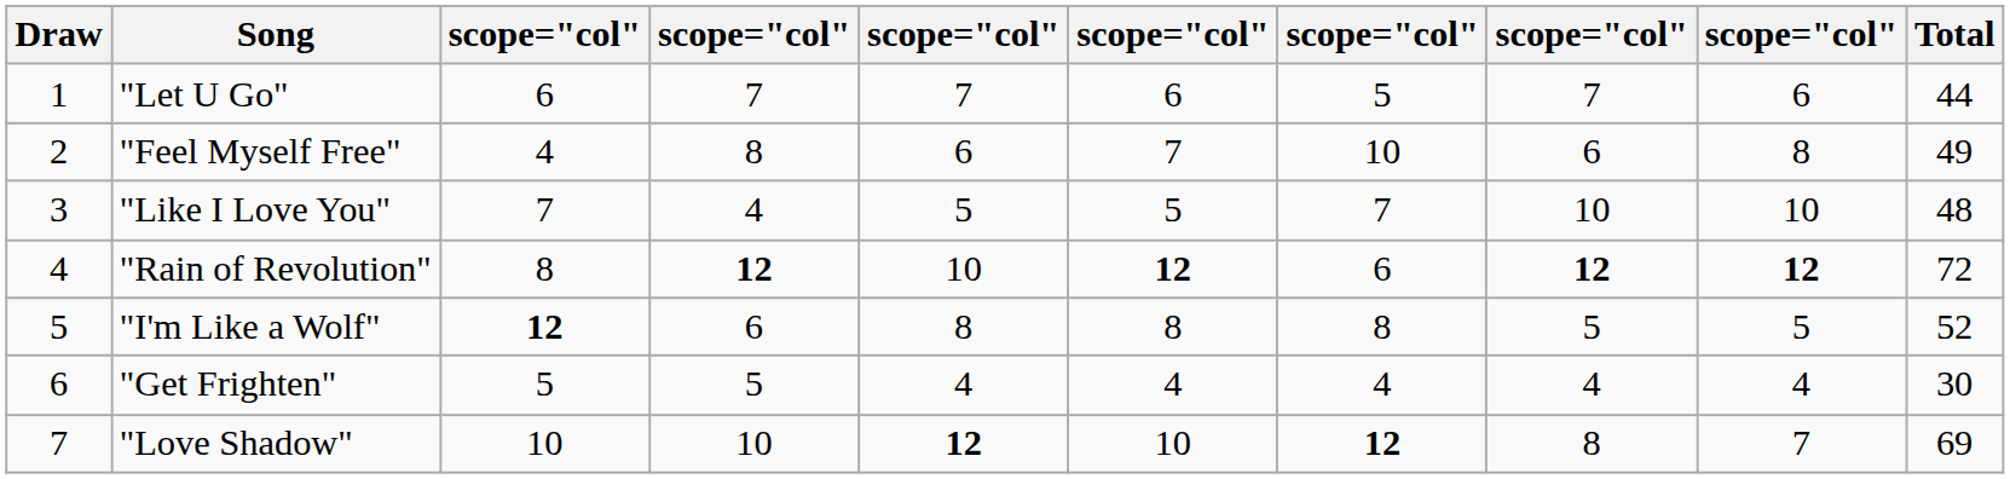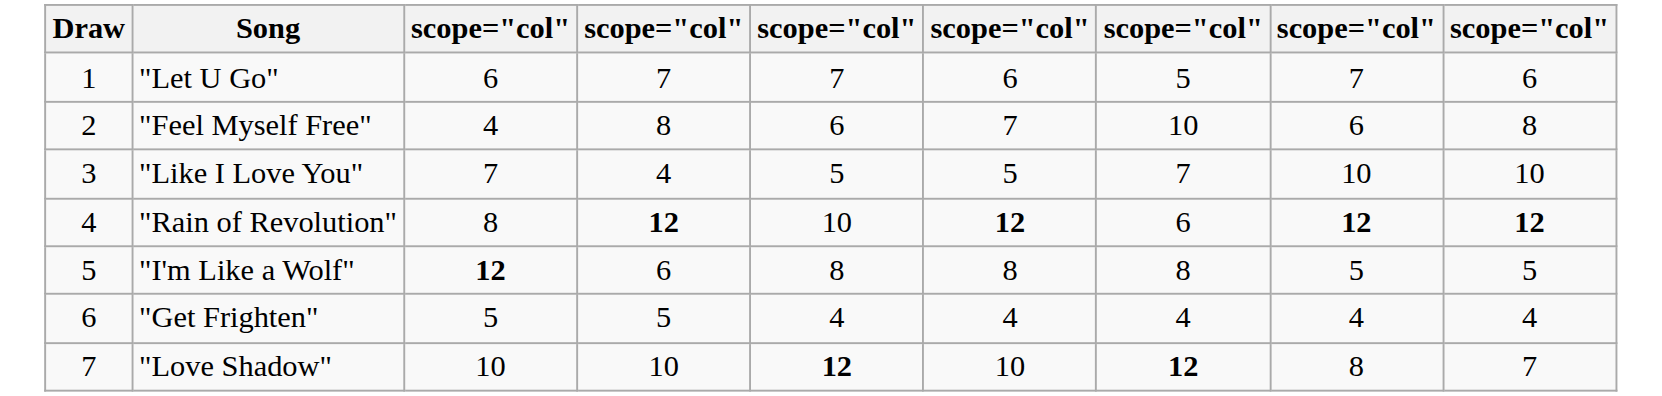 <table class="wikitable collapsible" style="margin: 1em auto 1em auto; text-align:center">
 <tr>
 <th>Draw</th>
 <th>Song</th>
 <th>scope="col" </th>
 <th>scope="col" </th>
 <th>scope="col" </th>
 <th>scope="col" </th>
 <th>scope="col" </th>
 <th>scope="col" </th>
 <th>scope="col" </th>
-<th>Total</th>
 </tr>
 <tr>
 <td>1</td>
 <td align="left">"Let U Go"</td>
 <td>6</td>
 <td>7</td>
 <td>7</td>
 <td>6</td>
 <td>5</td>
 <td>7</td>
 <td>6</td>
-<td>44</td>
 </tr>
 <tr>
 <td>2</td>
 <td align="left">"Feel Myself Free"</td>
 <td>4</td>
 <td>8</td>
 <td>6</td>
 <td>7</td>
 <td>10</td>
 <td>6</td>
 <td>8</td>
-<td>49</td>
 </tr>
 <tr>
 <td>3</td>
 <td align="left">"Like I Love You"</td>
 <td>7</td>
 <td>4</td>
 <td>5</td>
 <td>5</td>
 <td>7</td>
 <td>10</td>
 <td>10</td>
-<td>48</td>
 </tr>
 <tr>
 <td>4</td>
 <td align="left">"Rain of Revolution"</td>
 <td>8</td>
 <td><strong>12</strong></td>
 <td>10</td>
 <td><strong>12</strong></td>
 <td>6</td>
 <td><strong>12</strong></td>
 <td><strong>12</strong></td>
-<td>72</td>
 </tr>
 <tr>
 <td>5</td>
 <td align="left">"I'm Like a Wolf"</td>
 <td><strong>12</strong></td>
 <td>6</td>
 <td>8</td>
 <td>8</td>
 <td>8</td>
 <td>5</td>
 <td>5</td>
-<td>52</td>
 </tr>
 <tr>
 <td>6</td>
 <td align="left">"Get Frighten"</td>
 <td>5</td>
 <td>5</td>
 <td>4</td>
 <td>4</td>
 <td>4</td>
 <td>4</td>
 <td>4</td>
-<td>30</td>
 </tr>
 <tr>
 <td>7</td>
 <td align="left">"Love Shadow"</td>
 <td>10</td>
 <td>10</td>
 <td><strong>12</strong></td>
 <td>10</td>
 <td><strong>12</strong></td>
 <td>8</td>
 <td>7</td>
-<td>69</td>
 </tr>
 </table>
